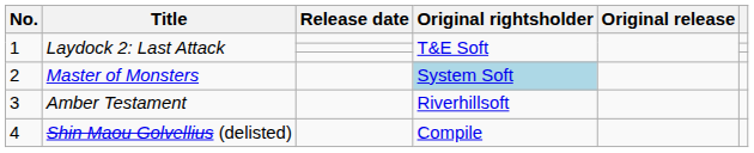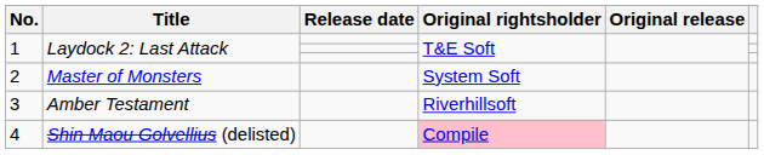 <table class="wikitable sortable" width="auto">
 <tr>
 <th>No.</th>
 <th>Title</th>
 <th>Release date</th>
 <th>Original rightsholder</th>
 <th>Original release</th>
 <th></th>
 </tr>
 <tr>
 <td rowspan="3">1</td>
 <td rowspan="3"><em>Laydock 2: Last Attack</em></td>
 <td></td>
 <td rowspan="3"><a href='#'>T&E Soft</a></td>
 <td rowspan="3"></td>
 <td></td>
 </tr>
 <tr>
 <td><em></em></td>
 <td></td>
 </tr>
 <tr>
 <td><em></em></td>
 <td></td>
 </tr>
 <tr>
 <td>2</td>
 <td><a href='#'><em>Master of Monsters</em></a></td>
 <td></td>
-<td style="background: lightblue;"><a href='#'>System Soft</a></td>
+<td><a href='#'>System Soft</a></td>
 <td></td>
 <td></td>
 </tr>
 <tr>
 <td>3</td>
 <td><em>Amber Testament</em></td>
 <td><em></em></td>
 <td><a href='#'>Riverhillsoft</a></td>
 <td></td>
 <td></td>
 </tr>
 <tr>
 <td>4</td>
 <td><a href='#'><em><s>Shin Maou Golvellius</s></em></a> (delisted)</td>
 <td><em></em></td>
-<td><a href='#'>Compile</a></td>
+<td style="background: pink;"><a href='#'>Compile</a></td>
 <td></td>
 <td></td>
 </tr>
 </table>
